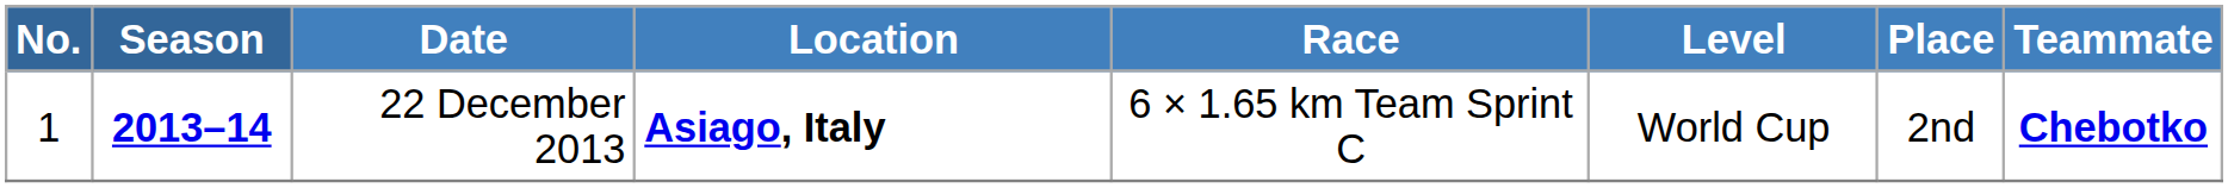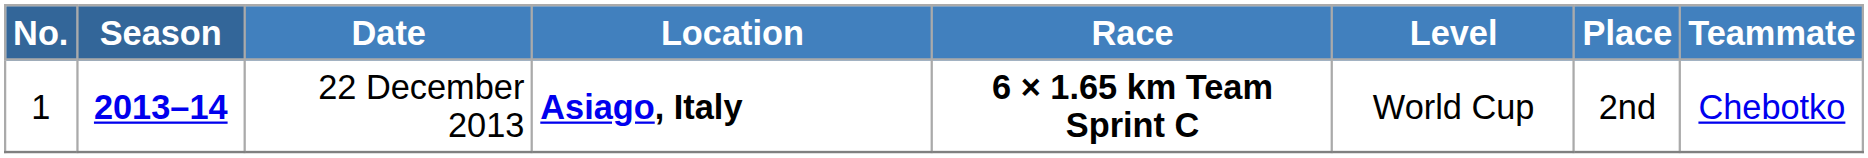 <table class="wikitable sortable" style="font-size:95%; text-align:center; border:grey solid 1px; border-collapse:collapse; background:#ffffff;">
 <tr style="background:#efefef;">
 <th style="background-color:#369; color:white;">No.</th>
 <th style="background-color:#369; color:white;">Season</th>
 <th style="background-color:#4180be; color:white; width:120px;">Date</th>
 <th style="background-color:#4180be; color:white; width:170px;">Location</th>
 <th style="background-color:#4180be; color:white; width:170px;">Race</th>
 <th style="background-color:#4180be; color:white; width:100px;">Level</th>
 <th style="background-color:#4180be; color:white;">Place</th>
 <th style="background-color:#4180be; color:white;">Teammate</th>
 </tr>
 <tr>
 <td align=center>1</td>
 <td rowspan=1 align=center><strong> <a href='#'>2013–14</a> </strong></td>
 <td align=right>22 December 2013</td>
 <td align=left><strong> <a href='#'>Asiago</a>, Italy</strong></td>
-<td>6 × 1.65 km Team Sprint C</td>
+<td><strong>6 × 1.65 km Team Sprint C</strong></td>
 <td>World Cup</td>
 <td>2nd</td>
-<td><strong><a href='#'>Chebotko</a></strong></td>
+<td><a href='#'>Chebotko</a></td>
 </tr>
 <tr>
 </tr>
 </table>
